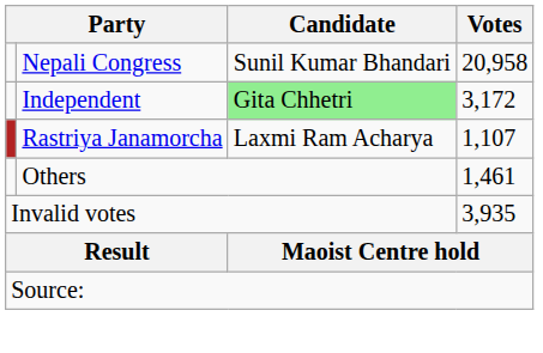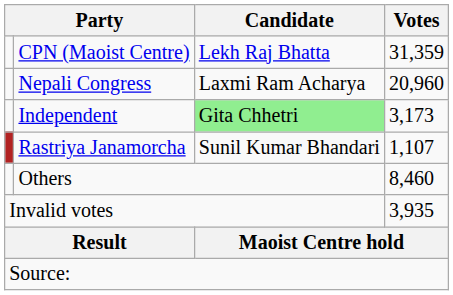 <table class="wikitable">
 <tr>
 <th colspan="2">Party</th>
 <th>Candidate</th>
 <th>Votes</th>
 </tr>
 <tr>
 <td style="background-color:"></td>
+<td><a href='#'>CPN (Maoist Centre)</a></td>
+<td><a href='#'>Lekh Raj Bhatta</a></td>
+<td>31,359</td>
+</tr>
+<tr>
+<td style="background-color:"></td>
 <td><a href='#'>Nepali Congress</a></td>
-<td>Sunil Kumar Bhandari</td>
-<td>20,958</td>
+<td>Laxmi Ram Acharya</td>
+<td>20,960</td>
 </tr>
 <tr>
 <td style="background-color:"></td>
 <td><a href='#'>Independent</a></td>
 <td style="background: lightgreen;">Gita Chhetri</td>
-<td>3,172</td>
+<td>3,173</td>
 </tr>
 <tr>
 <td style="background-color:firebrick"></td>
 <td><a href='#'>Rastriya Janamorcha</a></td>
-<td>Laxmi Ram Acharya</td>
+<td>Sunil Kumar Bhandari</td>
 <td>1,107</td>
 </tr>
 <tr>
 <td></td>
 <td colspan="2">Others</td>
-<td>1,461</td>
+<td>8,460</td>
 </tr>
 <tr>
 <td colspan="3">Invalid votes</td>
 <td>3,935</td>
 </tr>
 <tr>
 <th colspan="2">Result</th>
 <th colspan="2">Maoist Centre hold</th>
 </tr>
 <tr>
 <td colspan="4">Source: </td>
 </tr>
 </table>
